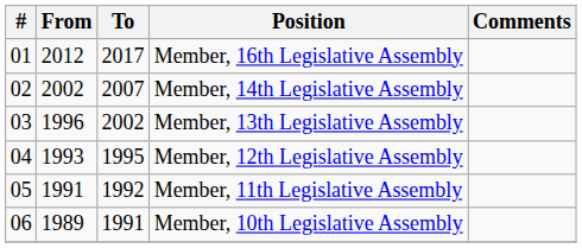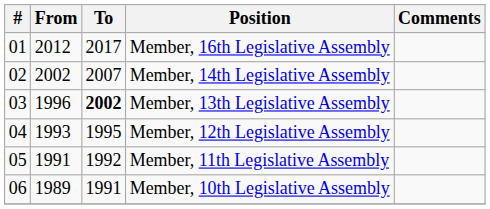 <table class="wikitable sortable">
 <tr>
 <th>#</th>
 <th>From</th>
 <th>To</th>
 <th>Position</th>
 <th>Comments</th>
 </tr>
 <tr>
 <td>01</td>
 <td>2012</td>
 <td>2017</td>
 <td>Member, <a href='#'>16th Legislative Assembly</a></td>
 <td></td>
 </tr>
 <tr>
 <td>02</td>
 <td>2002</td>
 <td>2007</td>
 <td>Member, <a href='#'>14th Legislative Assembly</a></td>
 <td></td>
 </tr>
 <tr>
 <td>03</td>
 <td>1996</td>
-<td>2002</td>
+<td><strong>2002</strong></td>
 <td>Member, <a href='#'>13th Legislative Assembly</a></td>
 <td></td>
 </tr>
 <tr>
 <td>04</td>
 <td>1993</td>
 <td>1995</td>
 <td>Member, <a href='#'>12th Legislative Assembly</a></td>
 <td></td>
 </tr>
 <tr>
 <td>05</td>
 <td>1991</td>
 <td>1992</td>
 <td>Member, <a href='#'>11th Legislative Assembly</a></td>
 <td></td>
 </tr>
 <tr>
 <td>06</td>
 <td>1989</td>
 <td>1991</td>
 <td>Member, <a href='#'>10th Legislative Assembly</a></td>
 <td></td>
 </tr>
 <tr>
 </tr>
 </table>
